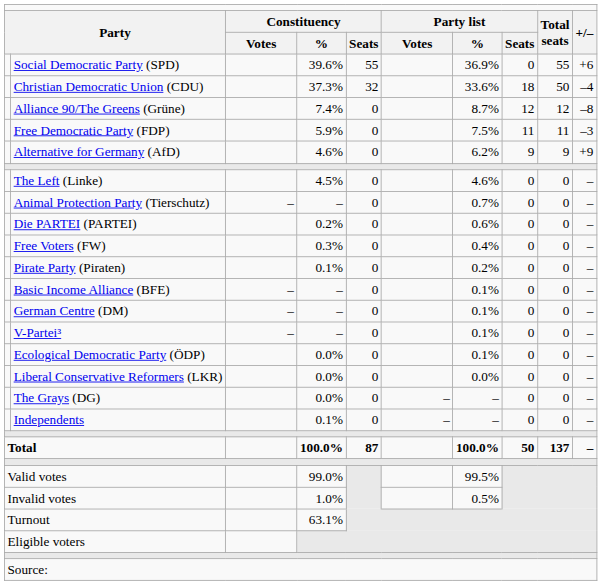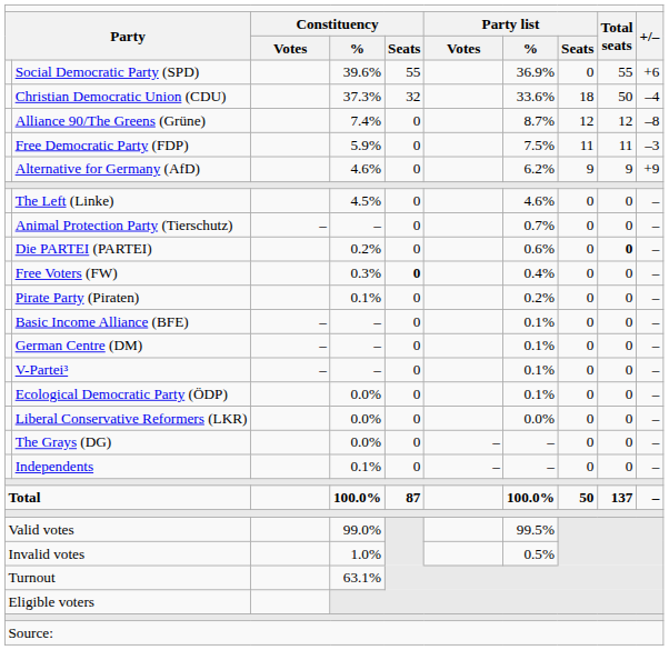 <table class="wikitable" style="text-align:right;font-size:95%;">
 <tr>
 <td colspan="10"></td>
 </tr>
 <tr>
 <th colspan="2" rowspan="2">Party</th>
 <th colspan="3">Constituency</th>
 <th colspan="3">Party list</th>
 <th rowspan="2">Total<br>seats</th>
 <th rowspan="2">+/–</th>
 </tr>
 <tr style="text-align:center;">
 <th width="75">Votes</th>
 <th width="30">%</th>
 <th width="30">Seats</th>
 <th width="75">Votes</th>
 <th width="30">%</th>
 <th width="30">Seats</th>
 </tr>
 <tr>
 <td style="background:"></td>
 <td style="text-align:left;"><a href='#'>Social Democratic Party</a> (SPD)</td>
 <td></td>
 <td>39.6%</td>
 <td>55</td>
 <td></td>
 <td>36.9%</td>
 <td>0</td>
 <td>55</td>
 <td>+6</td>
 </tr>
 <tr>
 <td style="background:"></td>
 <td style="text-align:left;"><a href='#'>Christian Democratic Union</a> (CDU)</td>
 <td></td>
 <td>37.3%</td>
 <td>32</td>
 <td></td>
 <td>33.6%</td>
 <td>18</td>
 <td>50</td>
 <td>–4</td>
 </tr>
 <tr>
 <td style="background:"></td>
 <td style="text-align:left;"><a href='#'>Alliance 90/The Greens</a> (Grüne)</td>
 <td></td>
 <td>7.4%</td>
 <td>0</td>
 <td></td>
 <td>8.7%</td>
 <td>12</td>
 <td>12</td>
 <td>–8</td>
 </tr>
 <tr>
 <td style="background:"></td>
 <td style="text-align:left;"><a href='#'>Free Democratic Party</a> (FDP)</td>
 <td></td>
 <td>5.9%</td>
 <td>0</td>
 <td></td>
 <td>7.5%</td>
 <td>11</td>
 <td>11</td>
 <td>–3</td>
 </tr>
 <tr>
 <td style="background:"></td>
 <td style="text-align:left;"><a href='#'>Alternative for Germany</a> (AfD)</td>
 <td></td>
 <td>4.6%</td>
 <td>0</td>
 <td></td>
 <td>6.2%</td>
 <td>9</td>
 <td>9</td>
 <td>+9</td>
 </tr>
 <tr>
 <td colspan="11" style="background:#E9E9E9;"></td>
 </tr>
 <tr>
 <td style="background:"></td>
 <td style="text-align:left;"><a href='#'>The Left</a> (Linke)</td>
 <td></td>
 <td>4.5%</td>
 <td>0</td>
 <td></td>
 <td>4.6%</td>
 <td>0</td>
 <td>0</td>
 <td>–</td>
 </tr>
 <tr>
 <td style="background:"></td>
 <td style="text-align:left;"><a href='#'>Animal Protection Party</a> (Tierschutz)</td>
 <td>–</td>
 <td>–</td>
 <td>0</td>
 <td></td>
 <td>0.7%</td>
 <td>0</td>
 <td>0</td>
 <td>–</td>
 </tr>
 <tr>
 <td style="background:"></td>
 <td style="text-align:left;"><a href='#'>Die PARTEI</a> (PARTEI)</td>
 <td></td>
 <td>0.2%</td>
 <td>0</td>
 <td></td>
 <td>0.6%</td>
 <td>0</td>
-<td>0</td>
+<td><strong>0</strong></td>
 <td>–</td>
 </tr>
 <tr>
 <td style="background:"></td>
 <td style="text-align:left;"><a href='#'>Free Voters</a> (FW)</td>
 <td></td>
 <td>0.3%</td>
-<td>0</td>
+<td><strong>0</strong></td>
 <td></td>
 <td>0.4%</td>
 <td>0</td>
 <td>0</td>
 <td>–</td>
 </tr>
 <tr>
 <td style="background:"></td>
 <td style="text-align:left;"><a href='#'>Pirate Party</a> (Piraten)</td>
 <td></td>
 <td>0.1%</td>
 <td>0</td>
 <td></td>
 <td>0.2%</td>
 <td>0</td>
 <td>0</td>
 <td>–</td>
 </tr>
 <tr>
 <td style="background:"></td>
 <td style="text-align:left;"><a href='#'>Basic Income Alliance</a> (BFE)</td>
 <td>–</td>
 <td>–</td>
 <td>0</td>
 <td></td>
 <td>0.1%</td>
 <td>0</td>
 <td>0</td>
 <td>–</td>
 </tr>
 <tr>
 <td style="background:"></td>
 <td style="text-align:left;"><a href='#'>German Centre</a> (DM)</td>
 <td>–</td>
 <td>–</td>
 <td>0</td>
 <td></td>
 <td>0.1%</td>
 <td>0</td>
 <td>0</td>
 <td>–</td>
 </tr>
 <tr>
 <td style="background:"></td>
 <td style="text-align:left;"><a href='#'>V-Partei³</a></td>
 <td>–</td>
 <td>–</td>
 <td>0</td>
 <td></td>
 <td>0.1%</td>
 <td>0</td>
 <td>0</td>
 <td>–</td>
 </tr>
 <tr>
 <td style="background:"></td>
 <td style="text-align:left;"><a href='#'>Ecological Democratic Party</a> (ÖDP)</td>
 <td></td>
 <td>0.0%</td>
 <td>0</td>
 <td></td>
 <td>0.1%</td>
 <td>0</td>
 <td>0</td>
 <td>–</td>
 </tr>
 <tr>
 <td style="background:"></td>
 <td style="text-align:left;"><a href='#'>Liberal Conservative Reformers</a> (LKR)</td>
 <td></td>
 <td>0.0%</td>
 <td>0</td>
 <td></td>
 <td>0.0%</td>
 <td>0</td>
 <td>0</td>
 <td>–</td>
 </tr>
 <tr>
 <td style="background:"></td>
 <td style="text-align:left;"><a href='#'>The Grays</a> (DG)</td>
 <td></td>
 <td>0.0%</td>
 <td>0</td>
 <td>–</td>
 <td>–</td>
 <td>0</td>
 <td>0</td>
 <td>–</td>
 </tr>
 <tr>
 <td style="background:"></td>
 <td style="text-align:left;"><a href='#'>Independents</a></td>
 <td></td>
 <td>0.1%</td>
 <td>0</td>
 <td>–</td>
 <td>–</td>
 <td>0</td>
 <td>0</td>
 <td>–</td>
 </tr>
 <tr>
 <td style="background-color:#E9E9E9;" colspan="10"></td>
 </tr>
 <tr style="font-weight:bold;">
 <td style="text-align:left;" colspan="2">Total</td>
 <td></td>
 <td>100.0%</td>
 <td>87</td>
 <td></td>
 <td>100.0%</td>
 <td>50</td>
 <td>137</td>
 <td>–</td>
 </tr>
 <tr>
 <td style="background-color:#E9E9E9;" colspan="10"></td>
 </tr>
 <tr>
 <td style="text-align:left;" colspan="2">Valid votes</td>
 <td></td>
 <td>99.0%</td>
 <td style="background-color:#E9E9E9;border-bottom-style:hidden;" rowspan="2"></td>
 <td></td>
 <td>99.5%</td>
 <td style="background-color:#E9E9E9;border-bottom-style:hidden;" colspan="3" rowspan="2"></td>
 </tr>
 <tr>
 <td style="text-align:left;" colspan="2">Invalid votes</td>
 <td></td>
 <td>1.0%</td>
 <td></td>
 <td>0.5%</td>
 </tr>
 <tr>
 <td style="text-align:left;" colspan="2">Turnout</td>
 <td></td>
 <td>63.1%</td>
 <td style="background-color:#E9E9E9;" colspan="6"></td>
 </tr>
 <tr>
 <td style="text-align:left;" colspan="2">Eligible voters</td>
 <td></td>
 <td style="background-color:#E9E9E9;"></td>
 <td style="background-color:#E9E9E9;border-top-style:hidden;border-left-style:hidden;" colspan="6"></td>
 </tr>
 <tr>
 <td style="background-color:#E9E9E9;" colspan="10"></td>
 </tr>
 <tr>
 <td style="text-align:left;" colspan="10">Source: </td>
 </tr>
 </table>
